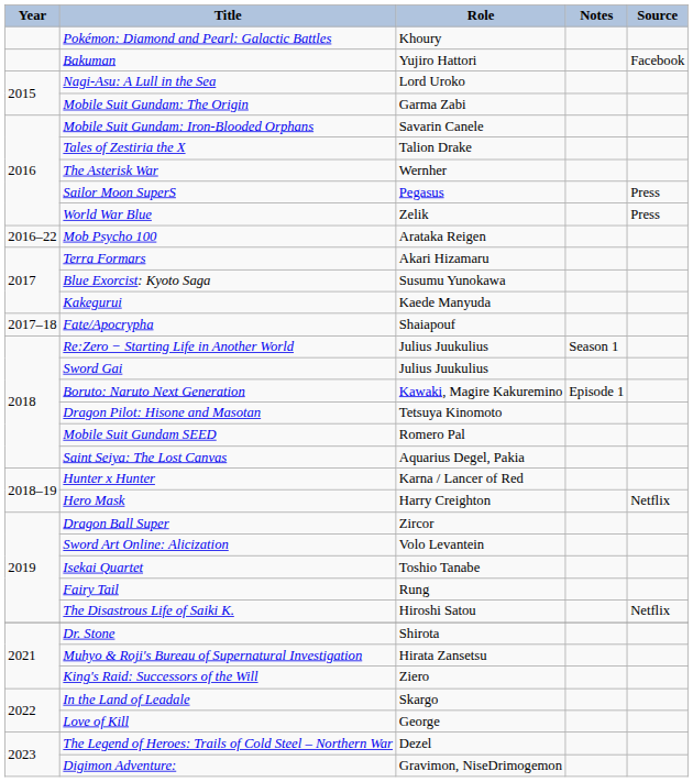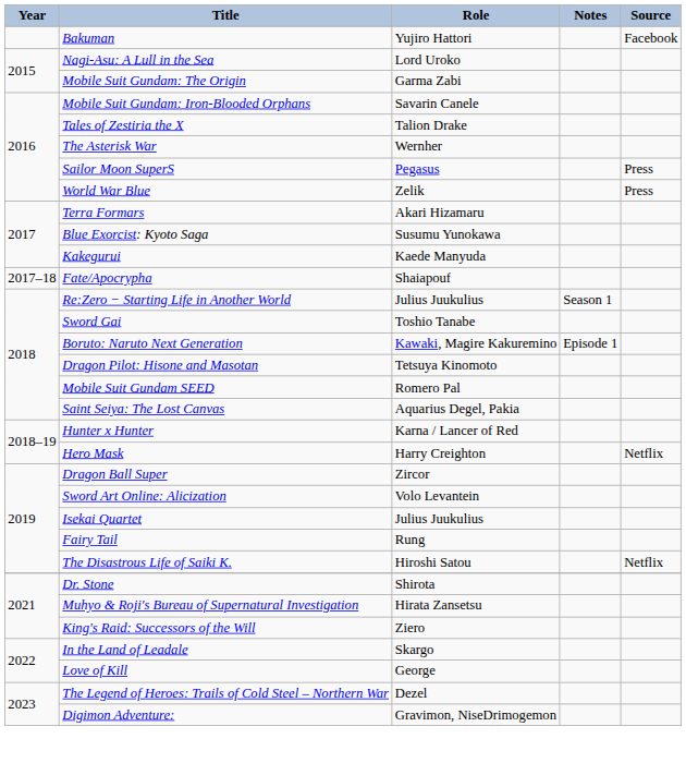 <table class="wikitable sortable plainrowheaders" font-size: 95%;">
 <tr>
 <th style="background:#b0c4de; style=width:40px;">Year </th>
 <th style="background:#b0c4de;">Title</th>
 <th style="background:#b0c4de;">Role </th>
 <th style="background:#b0c4de;" class="unsortable">Notes</th>
 <th style="background:#b0c4de;" class="unsortable">Source</th>
-</tr>
-<tr>
-<td></td>
-<td><em><a href='#'>Pokémon: Diamond and Pearl: Galactic Battles</a></em></td>
-<td>Khoury</td>
-<td></td>
-<td></td>
 </tr>
 <tr>
 <td></td>
 <td><em><a href='#'>Bakuman</a></em></td>
 <td>Yujiro Hattori</td>
 <td></td>
 <td>Facebook</td>
 </tr>
 <tr>
 <td rowspan=2>2015</td>
 <td><em><a href='#'>Nagi-Asu: A Lull in the Sea</a></em></td>
 <td>Lord Uroko</td>
 <td></td>
 <td></td>
 </tr>
 <tr>
 <td><em><a href='#'>Mobile Suit Gundam: The Origin</a></em></td>
 <td>Garma Zabi</td>
 <td></td>
 <td></td>
 </tr>
 <tr>
 <td rowspan="5">2016</td>
 <td><em><a href='#'>Mobile Suit Gundam: Iron-Blooded Orphans</a></em></td>
 <td>Savarin Canele</td>
 <td></td>
 <td></td>
 </tr>
 <tr>
 <td><em><a href='#'>Tales of Zestiria the X</a></em></td>
 <td>Talion Drake</td>
 <td></td>
 <td></td>
 </tr>
 <tr>
 <td><em><a href='#'>The Asterisk War</a></em></td>
 <td>Wernher</td>
 <td></td>
 <td></td>
 </tr>
 <tr>
 <td><em><a href='#'>Sailor Moon SuperS</a></em></td>
 <td><a href='#'>Pegasus</a></td>
 <td></td>
 <td>Press</td>
 </tr>
 <tr>
 <td><em><a href='#'>World War Blue</a></em></td>
 <td>Zelik</td>
 <td></td>
 <td>Press</td>
 </tr>
 <tr>
-<td>2016–22</td>
-<td><em><a href='#'>Mob Psycho 100</a></em></td>
-<td>Arataka Reigen</td>
-<td></td>
-<td></td>
-</tr>
-<tr>
 <td rowspan=3>2017</td>
 <td><em><a href='#'>Terra Formars</a></em></td>
 <td>Akari Hizamaru</td>
 <td></td>
 <td></td>
 </tr>
 <tr>
 <td><em><a href='#'>Blue Exorcist</a>: Kyoto Saga</em></td>
 <td>Susumu Yunokawa</td>
 <td></td>
 <td></td>
 </tr>
 <tr>
 <td><em><a href='#'>Kakegurui</a></em></td>
 <td>Kaede Manyuda</td>
 <td></td>
 <td></td>
 </tr>
 <tr>
 <td>2017–18</td>
 <td><em><a href='#'>Fate/Apocrypha</a></em></td>
 <td>Shaiapouf</td>
 <td></td>
 <td></td>
 </tr>
 <tr>
 <td rowspan=6>2018</td>
 <td><em><a href='#'>Re:Zero − Starting Life in Another World</a></em></td>
 <td>Julius Juukulius</td>
 <td>Season 1</td>
 <td></td>
 </tr>
 <tr>
 <td><em><a href='#'>Sword Gai</a></em></td>
-<td>Julius Juukulius</td>
+<td>Toshio Tanabe</td>
 <td></td>
 <td></td>
 </tr>
 <tr>
 <td><em><a href='#'>Boruto: Naruto Next Generation</a></em></td>
 <td><a href='#'>Kawaki</a>, Magire Kakuremino</td>
 <td>Episode 1</td>
 <td></td>
 </tr>
 <tr>
 <td><em><a href='#'>Dragon Pilot: Hisone and Masotan</a></em></td>
 <td>Tetsuya Kinomoto</td>
 <td></td>
 <td></td>
 </tr>
 <tr>
 <td><em><a href='#'>Mobile Suit Gundam SEED</a></em></td>
 <td>Romero Pal</td>
 <td></td>
 <td></td>
 </tr>
 <tr>
 <td><em><a href='#'>Saint Seiya: The Lost Canvas</a></em></td>
 <td>Aquarius Degel, Pakia</td>
 <td></td>
 <td></td>
 </tr>
 <tr>
 <td rowspan=2>2018–19</td>
 <td><em><a href='#'>Hunter x Hunter</a></em></td>
 <td>Karna / Lancer of Red</td>
 <td></td>
 <td></td>
 </tr>
 <tr>
 <td><em><a href='#'>Hero Mask</a></em></td>
 <td>Harry Creighton</td>
 <td></td>
 <td>Netflix</td>
 </tr>
 <tr>
 <td rowspan=5>2019</td>
 <td><em><a href='#'>Dragon Ball Super</a></em></td>
 <td>Zircor</td>
 <td></td>
 <td></td>
 </tr>
 <tr>
 <td><em><a href='#'>Sword Art Online: Alicization</a></em></td>
 <td>Volo Levantein</td>
 <td></td>
 <td></td>
 </tr>
 <tr>
 <td><em><a href='#'>Isekai Quartet</a></em></td>
-<td>Toshio Tanabe</td>
+<td>Julius Juukulius</td>
 <td></td>
 <td></td>
 </tr>
 <tr>
 <td><em><a href='#'>Fairy Tail</a></em></td>
 <td>Rung</td>
 <td></td>
 <td></td>
 </tr>
 <tr>
 <td><em><a href='#'>The Disastrous Life of Saiki K.</a></em></td>
 <td>Hiroshi Satou</td>
 <td></td>
 <td>Netflix</td>
 </tr>
 <tr>
 </tr>
 <tr>
 <td rowspan=3>2021</td>
 <td><em><a href='#'>Dr. Stone</a></em></td>
 <td>Shirota</td>
 <td></td>
 <td></td>
 </tr>
 <tr>
 <td><em><a href='#'>Muhyo & Roji's Bureau of Supernatural Investigation</a></em></td>
 <td>Hirata Zansetsu</td>
 <td></td>
 <td></td>
 </tr>
 <tr>
 <td><em><a href='#'>King's Raid: Successors of the Will</a></em></td>
 <td>Ziero</td>
 <td></td>
 <td></td>
 </tr>
 <tr>
 <td rowspan=2>2022</td>
 <td><em><a href='#'>In the Land of Leadale</a></em></td>
 <td>Skargo</td>
 <td></td>
 <td></td>
 </tr>
 <tr>
 <td><em><a href='#'>Love of Kill</a></em></td>
 <td>George</td>
 <td></td>
 <td></td>
 </tr>
 <tr>
 <td rowspan=2>2023</td>
 <td><em><a href='#'>The Legend of Heroes: Trails of Cold Steel – Northern War</a></em></td>
 <td>Dezel</td>
 <td></td>
 <td></td>
 </tr>
 <tr>
 <td><em><a href='#'>Digimon Adventure:</a></em></td>
 <td>Gravimon, NiseDrimogemon</td>
 <td></td>
 <td></td>
 </tr>
 </table>
